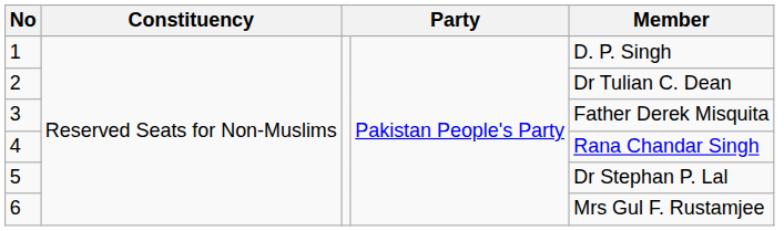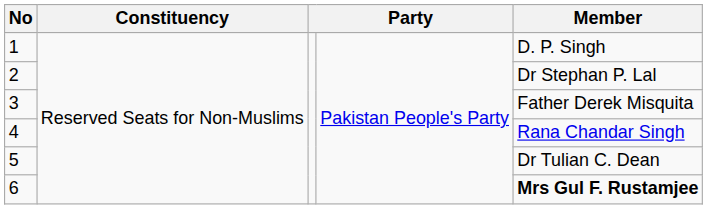 <table class="wikitable sortable">
 <tr>
 <th>No</th>
 <th>Constituency</th>
 <th colspan="2">Party</th>
 <th>Member</th>
 </tr>
 <tr>
 <td>1</td>
 <td rowspan="6">Reserved Seats for Non-Muslims</td>
 <td rowspan="6" style="background-color:"></td>
 <td rowspan="6"><a href='#'>Pakistan People's Party</a></td>
 <td>D. P. Singh</td>
 </tr>
 <tr>
 <td>2</td>
-<td>Dr Tulian C. Dean</td>
+<td>Dr Stephan P. Lal</td>
 </tr>
 <tr>
 <td>3</td>
 <td>Father Derek Misquita</td>
 </tr>
 <tr>
 <td>4</td>
 <td><a href='#'>Rana Chandar Singh</a></td>
 </tr>
 <tr>
 <td>5</td>
-<td>Dr Stephan P. Lal</td>
+<td>Dr Tulian C. Dean</td>
 </tr>
 <tr>
 <td>6</td>
-<td>Mrs Gul F. Rustamjee</td>
+<td><strong>Mrs Gul F. Rustamjee</strong></td>
 </tr>
 </table>
